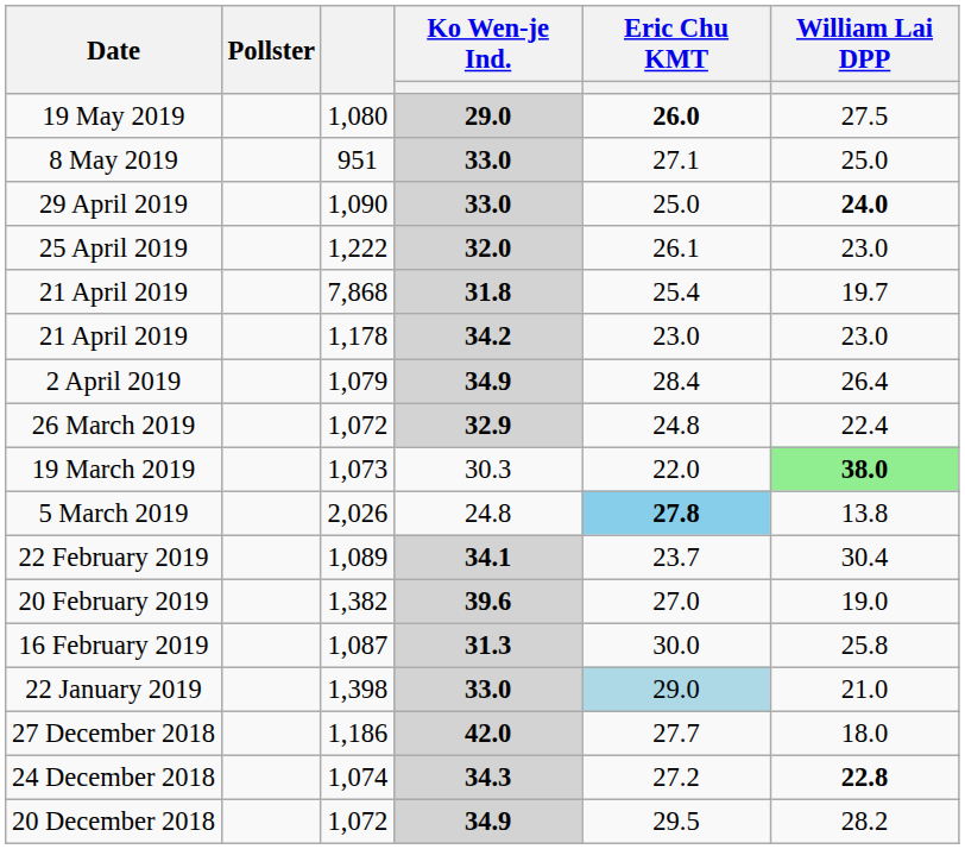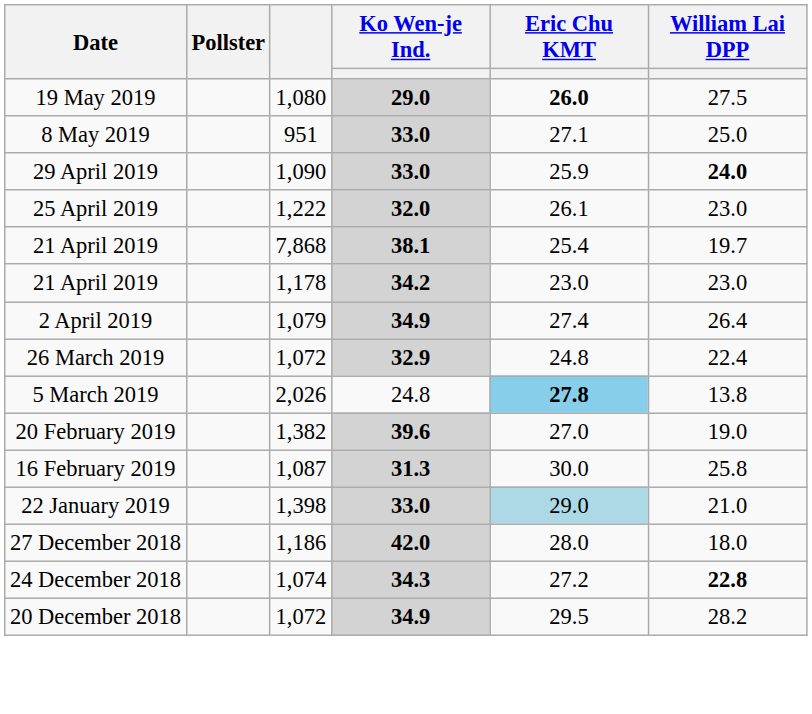 <table class="wikitable sortable collapsible" style="font-size:95%; text-align:center">
 <tr>
 <th rowspan=2>Date</th>
 <th rowspan=2>Pollster</th>
 <th rowspan=2></th>
 <th width=100px><a href='#'>Ko Wen-je</a><br><a href='#'>Ind.</a></th>
 <th width=100px><a href='#'>Eric Chu</a><br><a href='#'>KMT</a></th>
 <th width=100px><a href='#'>William Lai</a><br><a href='#'>DPP</a></th>
 </tr>
 <tr>
 <th style="background:"></th>
 <th style="background:"></th>
 <th style="background:"></th>
 </tr>
 <tr>
 <td>19 May 2019</td>
 <td></td>
 <td>1,080</td>
 <td style="background-color:lightgrey;"><strong>29.0</strong></td>
 <td><strong>26.0</strong></td>
 <td>27.5</td>
 </tr>
 <tr>
 <td>8 May 2019</td>
 <td></td>
 <td>951</td>
 <td style="background-color:lightgrey;"><strong>33.0</strong></td>
 <td>27.1</td>
 <td>25.0</td>
 </tr>
 <tr>
 <td>29 April 2019</td>
 <td></td>
 <td>1,090</td>
 <td style="background-color:lightgrey;"><strong>33.0</strong></td>
-<td>25.0</td>
+<td>25.9</td>
 <td><strong>24.0</strong></td>
 </tr>
 <tr>
 <td>25 April 2019</td>
 <td></td>
 <td>1,222</td>
 <td style="background-color:lightgrey;"><strong>32.0</strong></td>
 <td>26.1</td>
 <td>23.0</td>
 </tr>
 <tr>
 <td>21 April 2019</td>
 <td></td>
 <td>7,868</td>
-<td style="background-color:lightgrey;"><strong>31.8</strong></td>
+<td style="background-color:lightgrey;"><strong>38.1</strong></td>
 <td>25.4</td>
 <td>19.7</td>
 </tr>
 <tr>
 <td>21 April 2019</td>
 <td></td>
 <td>1,178</td>
 <td style="background-color:lightgrey;"><strong>34.2</strong></td>
 <td>23.0</td>
 <td>23.0</td>
 </tr>
 <tr>
 <td>2 April 2019</td>
 <td></td>
 <td>1,079</td>
 <td style="background-color:lightgrey;"><strong>34.9</strong></td>
-<td>28.4</td>
+<td>27.4</td>
 <td>26.4</td>
 </tr>
 <tr>
 <td>26 March 2019</td>
 <td></td>
 <td>1,072</td>
 <td style="background-color:lightgrey;"><strong>32.9</strong></td>
 <td>24.8</td>
 <td>22.4</td>
 </tr>
 <tr>
-<td>19 March 2019</td>
-<td></td>
-<td>1,073</td>
-<td>30.3</td>
-<td>22.0</td>
-<td style="background-color:lightgreen;"><strong>38.0</strong></td>
-</tr>
-<tr>
 <td>5 March 2019</td>
 <td></td>
 <td>2,026</td>
 <td>24.8</td>
 <td style="background-color:skyblue;"><strong>27.8</strong></td>
 <td>13.8</td>
-</tr>
-<tr>
-<td>22 February 2019</td>
-<td></td>
-<td>1,089</td>
-<td style="background-color:lightgrey;"><strong>34.1</strong></td>
-<td>23.7</td>
-<td>30.4</td>
 </tr>
 <tr>
 <td>20 February 2019</td>
 <td></td>
 <td>1,382</td>
 <td style="background-color:lightgrey;"><strong>39.6</strong></td>
 <td>27.0</td>
 <td>19.0</td>
 </tr>
 <tr>
 <td>16 February 2019</td>
 <td></td>
 <td>1,087</td>
 <td style="background-color:lightgrey;"><strong>31.3</strong></td>
 <td>30.0</td>
 <td>25.8</td>
 </tr>
 <tr>
 <td>22 January 2019</td>
 <td></td>
 <td>1,398</td>
 <td style="background-color:lightgrey;"><strong>33.0</strong></td>
 <td style="background: lightblue;">29.0</td>
 <td>21.0</td>
 </tr>
 <tr>
 <td>27 December 2018</td>
 <td></td>
 <td>1,186</td>
 <td style="background-color:lightgrey;"><strong>42.0</strong></td>
-<td>27.7</td>
+<td>28.0</td>
 <td>18.0</td>
 </tr>
 <tr>
 <td>24 December 2018</td>
 <td></td>
 <td>1,074</td>
 <td style="background-color:lightgrey;"><strong>34.3</strong></td>
 <td>27.2</td>
 <td><strong>22.8</strong></td>
 </tr>
 <tr>
 <td>20 December 2018</td>
 <td></td>
 <td>1,072</td>
 <td style="background-color:lightgrey;"><strong>34.9</strong></td>
 <td>29.5</td>
 <td>28.2</td>
 </tr>
 </table>
